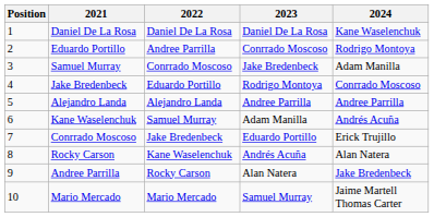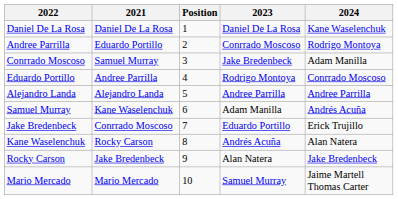 <table class="wikitable" border="1">
 <tr>
+<th width="170">2022</th>
+<th width="170">2021</th>
 <th>Position</th>
-<th width="170">2021</th>
-<th width="170">2022</th>
 <th width="170">2023</th>
 <th width="170">2024</th>
 </tr>
 <tr>
-<td>1</td>
 <td> <a href='#'>Daniel De La Rosa</a></td>
 <td> <a href='#'>Daniel De La Rosa</a></td>
+<td>1</td>
 <td> <a href='#'>Daniel De La Rosa</a></td>
 <td> <a href='#'>Kane Waselenchuk</a></td>
 </tr>
 <tr>
+<td> <a href='#'>Andree Parrilla</a></td>
+<td> <a href='#'>Eduardo Portillo</a></td>
 <td>2</td>
-<td> <a href='#'>Eduardo Portillo</a></td>
-<td> <a href='#'>Andree Parrilla</a></td>
 <td> <a href='#'>Conrrado Moscoso</a></td>
 <td> <a href='#'>Rodrigo Montoya</a></td>
 </tr>
 <tr>
+<td> <a href='#'>Conrrado Moscoso</a></td>
+<td> <a href='#'>Samuel Murray</a></td>
 <td>3</td>
-<td> <a href='#'>Samuel Murray</a></td>
-<td> <a href='#'>Conrrado Moscoso</a></td>
 <td> <a href='#'>Jake Bredenbeck</a></td>
 <td> Adam Manilla</td>
 </tr>
 <tr>
+<td> <a href='#'>Eduardo Portillo</a></td>
+<td> <a href='#'>Andree Parrilla</a></td>
 <td>4</td>
-<td> <a href='#'>Jake Bredenbeck</a></td>
-<td> <a href='#'>Eduardo Portillo</a></td>
 <td> <a href='#'>Rodrigo Montoya</a></td>
 <td> <a href='#'>Conrrado Moscoso</a></td>
 </tr>
 <tr>
-<td>5</td>
 <td> <a href='#'>Alejandro Landa</a></td>
 <td> <a href='#'>Alejandro Landa</a></td>
+<td>5</td>
 <td> <a href='#'>Andree Parrilla</a></td>
 <td> <a href='#'>Andree Parrilla</a></td>
 </tr>
 <tr>
+<td> <a href='#'>Samuel Murray</a></td>
+<td> <a href='#'>Kane Waselenchuk</a></td>
 <td>6</td>
-<td> <a href='#'>Kane Waselenchuk</a></td>
-<td> <a href='#'>Samuel Murray</a></td>
 <td> Adam Manilla</td>
 <td> <a href='#'>Andrés Acuña</a></td>
 </tr>
 <tr>
+<td> <a href='#'>Jake Bredenbeck</a></td>
+<td> <a href='#'>Conrrado Moscoso</a></td>
 <td>7</td>
-<td> <a href='#'>Conrrado Moscoso</a></td>
-<td> <a href='#'>Jake Bredenbeck</a></td>
 <td> <a href='#'>Eduardo Portillo</a></td>
 <td> Erick Trujillo</td>
 </tr>
 <tr>
+<td> <a href='#'>Kane Waselenchuk</a></td>
+<td> <a href='#'>Rocky Carson</a></td>
 <td>8</td>
-<td> <a href='#'>Rocky Carson</a></td>
-<td> <a href='#'>Kane Waselenchuk</a></td>
 <td> <a href='#'>Andrés Acuña</a></td>
 <td> Alan Natera</td>
 </tr>
 <tr>
+<td> <a href='#'>Rocky Carson</a></td>
+<td> <a href='#'>Jake Bredenbeck</a></td>
 <td>9</td>
-<td> <a href='#'>Andree Parrilla</a></td>
-<td> <a href='#'>Rocky Carson</a></td>
 <td> Alan Natera</td>
 <td> <a href='#'>Jake Bredenbeck</a></td>
 </tr>
 <tr>
-<td>10</td>
 <td> <a href='#'>Mario Mercado</a></td>
 <td> <a href='#'>Mario Mercado</a></td>
+<td>10</td>
 <td> <a href='#'>Samuel Murray</a></td>
 <td> Jaime Martell<br> Thomas Carter</td>
 </tr>
 </table>
